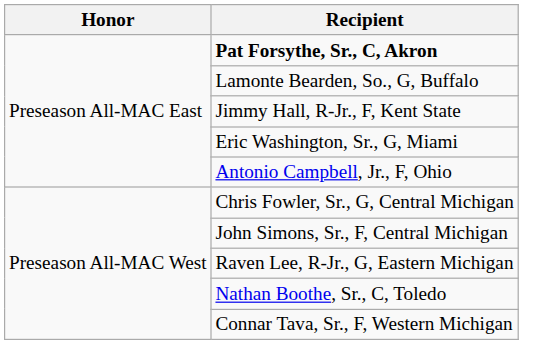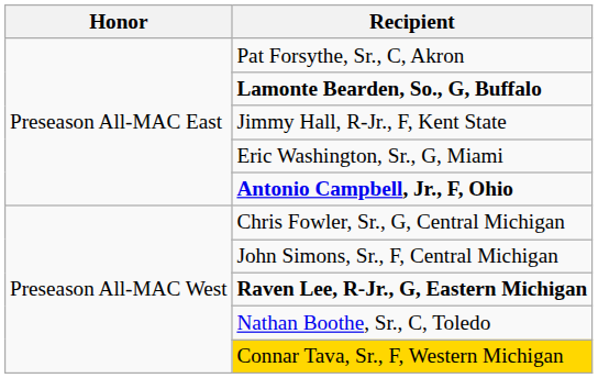 <table class="wikitable" border="1">
 <tr>
 <th>Honor</th>
 <th>Recipient</th>
 </tr>
 <tr>
 <td rowspan=5 valign=middle>Preseason All-MAC East</td>
-<td><strong>Pat Forsythe, Sr., C, Akron</strong></td>
+<td>Pat Forsythe, Sr., C, Akron</td>
 </tr>
 <tr>
-<td>Lamonte Bearden, So., G, Buffalo</td>
+<td><strong>Lamonte Bearden, So., G, Buffalo</strong></td>
 </tr>
 <tr>
 <td>Jimmy Hall, R-Jr., F, Kent State</td>
 </tr>
 <tr>
 <td>Eric Washington, Sr., G, Miami</td>
 </tr>
 <tr>
-<td><a href='#'>Antonio Campbell</a>, Jr., F, Ohio</td>
+<td><strong><a href='#'>Antonio Campbell</a>, Jr., F, Ohio</strong></td>
 </tr>
 <tr>
 <td rowspan=6 valign=middle>Preseason All-MAC West</td>
 <td>Chris Fowler, Sr., G, Central Michigan</td>
 </tr>
 <tr>
 <td>John Simons, Sr., F, Central Michigan</td>
 </tr>
 <tr>
-<td>Raven Lee, R-Jr., G, Eastern Michigan</td>
+<td><strong>Raven Lee, R-Jr., G, Eastern Michigan</strong></td>
 </tr>
 <tr>
 <td><a href='#'>Nathan Boothe</a>, Sr., C, Toledo</td>
 </tr>
 <tr>
-<td>Connar Tava, Sr., F, Western Michigan</td>
+<td style="background: gold;">Connar Tava, Sr., F, Western Michigan</td>
 </tr>
 </table>
